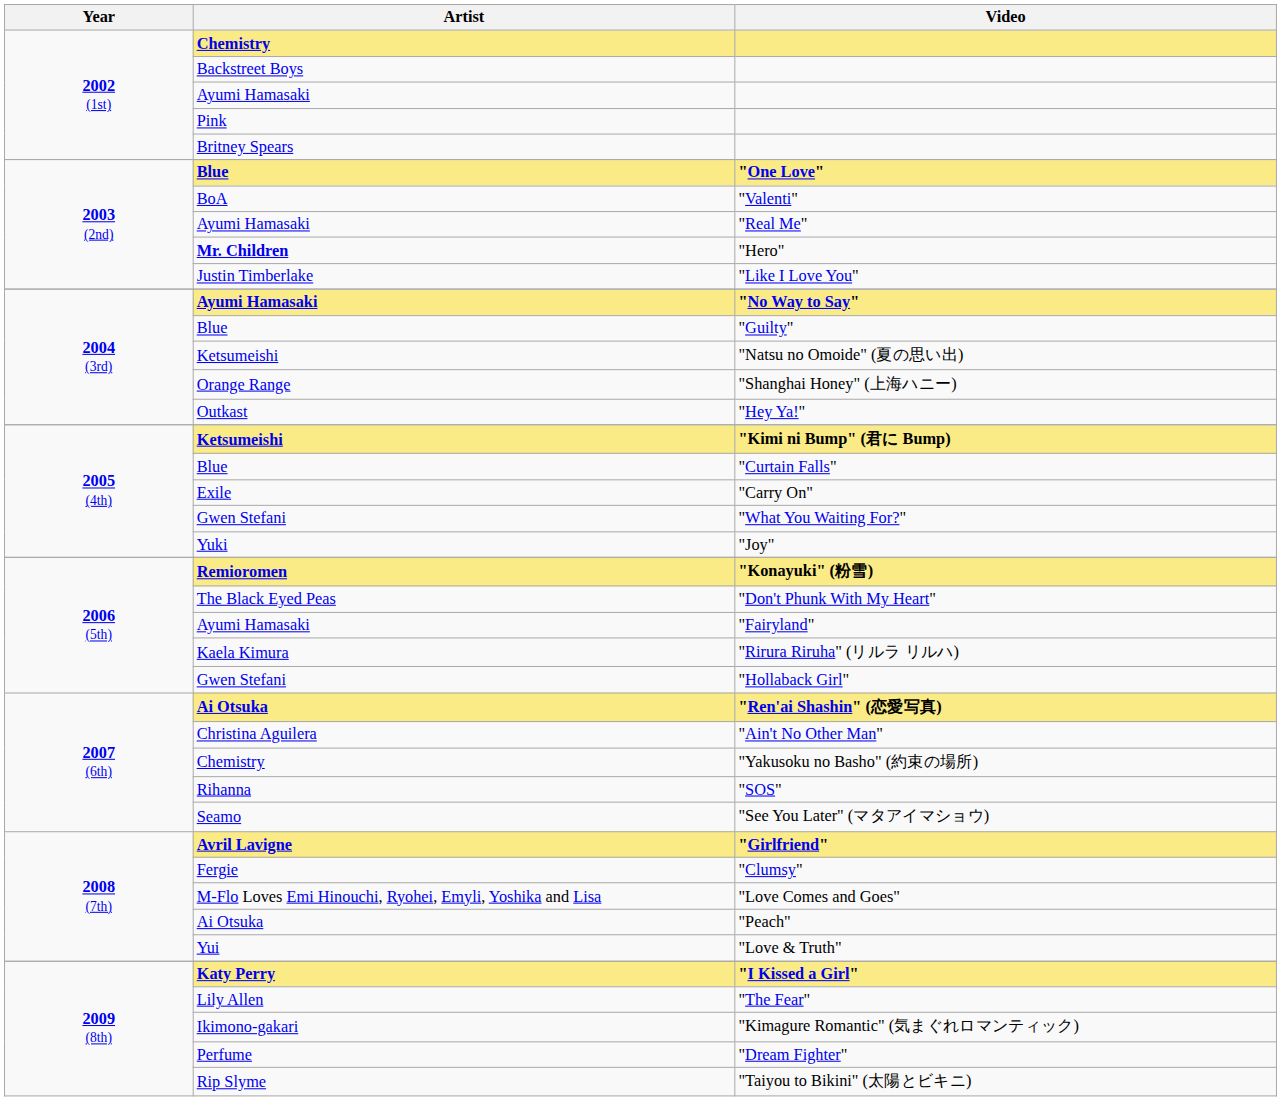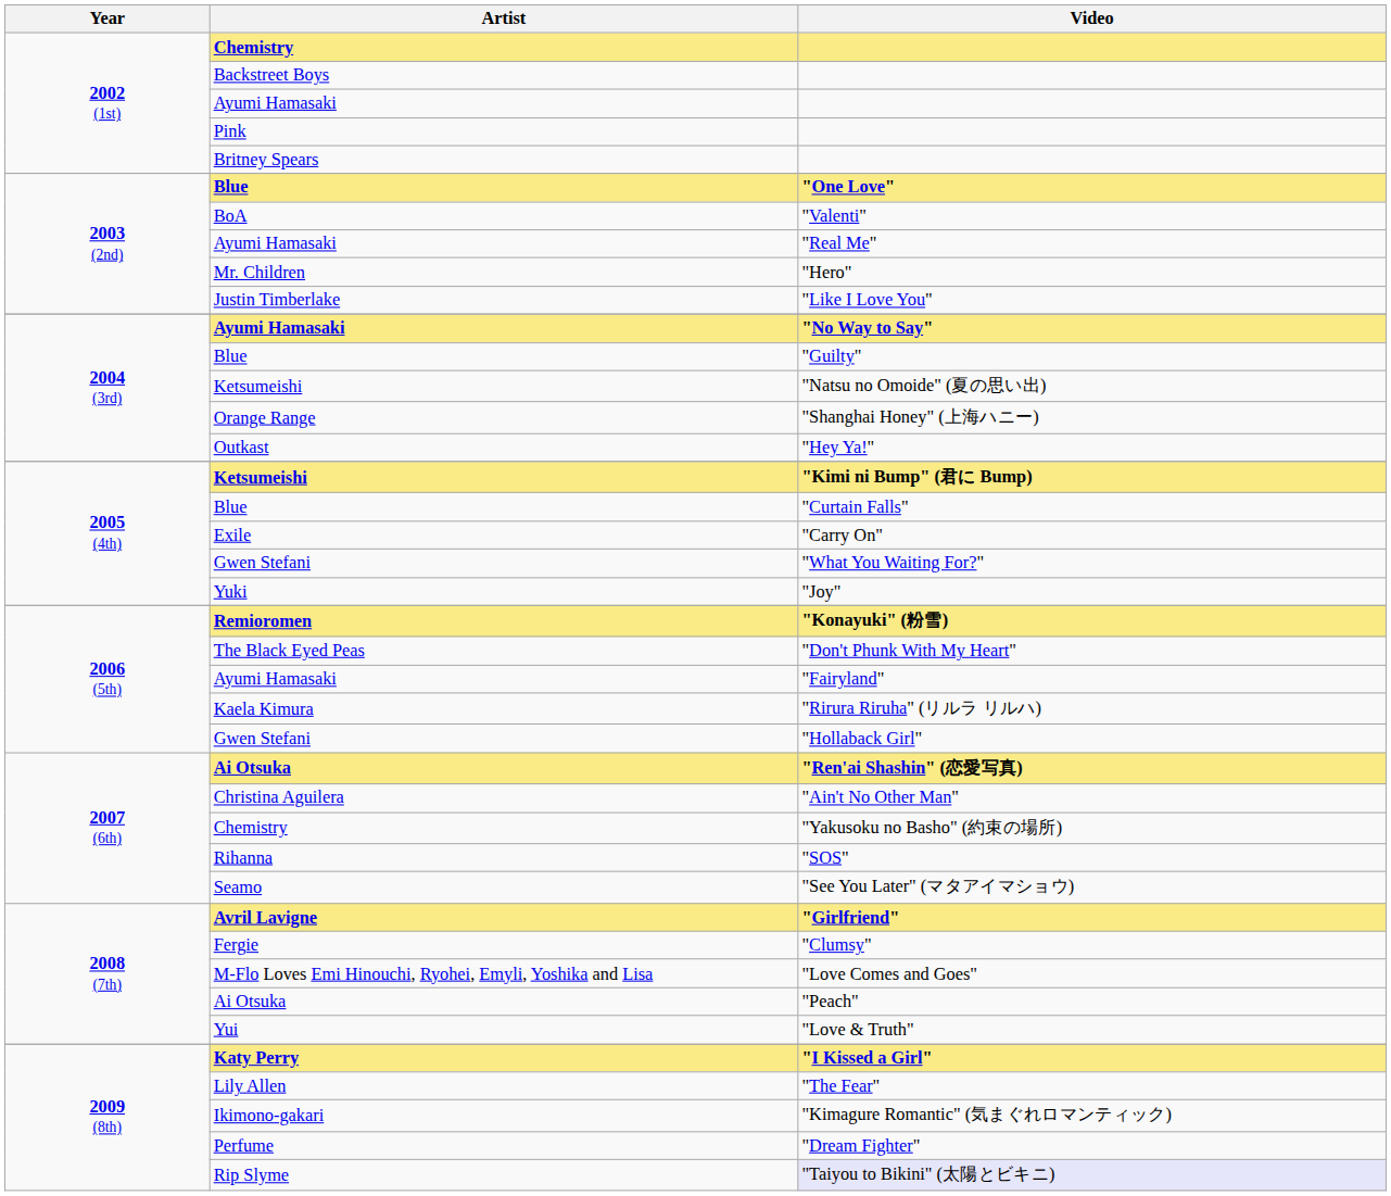 <table class="sortable wikitable">
 <tr>
 <th width="8%">Year</th>
 <th width="23%">Artist</th>
 <th width="23%">Video</th>
 </tr>
 <tr>
 <td rowspan=5 style="text-align:center"><strong><a href='#'>2002</a></strong><br><small><a href='#'>(1st)</a></small></td>
 <td style="background:#FAEB86"><strong><a href='#'>Chemistry</a></strong></td>
 <td style="background:#FAEB86"></td>
 </tr>
 <tr>
 <td><a href='#'>Backstreet Boys</a></td>
 <td></td>
 </tr>
 <tr>
 <td><a href='#'>Ayumi Hamasaki</a></td>
 <td></td>
 </tr>
 <tr>
 <td><a href='#'>Pink</a></td>
 <td></td>
 </tr>
 <tr>
 <td><a href='#'>Britney Spears</a></td>
 <td></td>
 </tr>
 <tr>
 </tr>
 <tr>
 <td rowspan=5 style="text-align:center"><strong><a href='#'>2003</a></strong><br><small><a href='#'>(2nd)</a></small></td>
 <td style="background:#FAEB86"><strong><a href='#'>Blue</a></strong></td>
 <td style="background:#FAEB86"><strong>"<a href='#'>One Love</a>"</strong></td>
 </tr>
 <tr>
 <td><a href='#'>BoA</a></td>
 <td>"<a href='#'>Valenti</a>"</td>
 </tr>
 <tr>
 <td><a href='#'>Ayumi Hamasaki</a></td>
 <td>"<a href='#'>Real Me</a>"</td>
 </tr>
 <tr>
-<td><strong><a href='#'>Mr. Children</a></strong></td>
+<td><a href='#'>Mr. Children</a></td>
 <td>"Hero"</td>
 </tr>
 <tr>
 <td><a href='#'>Justin Timberlake</a></td>
 <td>"<a href='#'>Like I Love You</a>"</td>
 </tr>
 <tr>
 </tr>
 <tr>
 <td rowspan=5 style="text-align:center"><strong><a href='#'>2004</a></strong><br><small><a href='#'>(3rd)</a></small></td>
 <td style="background:#FAEB86"><strong><a href='#'>Ayumi Hamasaki</a></strong></td>
 <td style="background:#FAEB86"><strong>"<a href='#'>No Way to Say</a>"</strong></td>
 </tr>
 <tr>
 <td><a href='#'>Blue</a></td>
 <td>"<a href='#'>Guilty</a>"</td>
 </tr>
 <tr>
 <td><a href='#'>Ketsumeishi</a></td>
 <td>"Natsu no Omoide" (夏の思い出)</td>
 </tr>
 <tr>
 <td><a href='#'>Orange Range</a></td>
 <td>"Shanghai Honey" (上海ハニー)</td>
 </tr>
 <tr>
 <td><a href='#'>Outkast</a></td>
 <td>"<a href='#'>Hey Ya!</a>"</td>
 </tr>
 <tr>
 </tr>
 <tr>
 <td rowspan=5 style="text-align:center"><strong><a href='#'>2005</a></strong><br><small><a href='#'>(4th)</a></small></td>
 <td style="background:#FAEB86"><strong><a href='#'>Ketsumeishi</a></strong></td>
 <td style="background:#FAEB86"><strong>"Kimi ni Bump" (君に Bump)</strong></td>
 </tr>
 <tr>
 <td><a href='#'>Blue</a></td>
 <td>"<a href='#'>Curtain Falls</a>"</td>
 </tr>
 <tr>
 <td><a href='#'>Exile</a></td>
 <td>"Carry On"</td>
 </tr>
 <tr>
 <td><a href='#'>Gwen Stefani</a></td>
 <td>"<a href='#'>What You Waiting For?</a>"</td>
 </tr>
 <tr>
 <td><a href='#'>Yuki</a></td>
 <td>"Joy"</td>
 </tr>
 <tr>
 </tr>
 <tr>
 <td rowspan=5 style="text-align:center"><strong><a href='#'>2006</a></strong><br><small><a href='#'>(5th)</a></small></td>
 <td style="background:#FAEB86"><strong><a href='#'>Remioromen</a></strong></td>
 <td style="background:#FAEB86"><strong>"Konayuki" (粉雪)</strong></td>
 </tr>
 <tr>
 <td><a href='#'>The Black Eyed Peas</a></td>
 <td>"<a href='#'>Don't Phunk With My Heart</a>"</td>
 </tr>
 <tr>
 <td><a href='#'>Ayumi Hamasaki</a></td>
 <td>"<a href='#'>Fairyland</a>"</td>
 </tr>
 <tr>
 <td><a href='#'>Kaela Kimura</a></td>
 <td>"<a href='#'>Rirura Riruha</a>" (リルラ リルハ)</td>
 </tr>
 <tr>
 <td><a href='#'>Gwen Stefani</a></td>
 <td>"<a href='#'>Hollaback Girl</a>"</td>
 </tr>
 <tr>
 <td rowspan=5 style="text-align:center"><strong><a href='#'>2007</a></strong><br><small><a href='#'>(6th)</a></small></td>
 <td style="background:#FAEB86"><strong><a href='#'>Ai Otsuka</a></strong></td>
 <td style="background:#FAEB86"><strong>"<a href='#'>Ren'ai Shashin</a>" (恋愛写真)</strong></td>
 </tr>
 <tr>
 <td><a href='#'>Christina Aguilera</a></td>
 <td>"<a href='#'>Ain't No Other Man</a>"</td>
 </tr>
 <tr>
 <td><a href='#'>Chemistry</a></td>
 <td>"Yakusoku no Basho" (約束の場所)</td>
 </tr>
 <tr>
 <td><a href='#'>Rihanna</a></td>
 <td>"<a href='#'>SOS</a>"</td>
 </tr>
 <tr>
 <td><a href='#'>Seamo</a></td>
 <td>"See You Later" (マタアイマショウ)</td>
 </tr>
 <tr>
 <td rowspan=5 style="text-align:center"><strong><a href='#'>2008</a></strong><br><small><a href='#'>(7th)</a></small></td>
 <td style="background:#FAEB86"><strong><a href='#'>Avril Lavigne</a></strong></td>
 <td style="background:#FAEB86"><strong>"<a href='#'>Girlfriend</a>"</strong></td>
 </tr>
 <tr>
 <td><a href='#'>Fergie</a></td>
 <td>"<a href='#'>Clumsy</a>"</td>
 </tr>
 <tr>
 <td><a href='#'>M-Flo</a> Loves <a href='#'>Emi Hinouchi</a>, <a href='#'>Ryohei</a>, <a href='#'>Emyli</a>, <a href='#'>Yoshika</a> and <a href='#'>Lisa</a></td>
 <td>"Love Comes and Goes"</td>
 </tr>
 <tr>
 <td><a href='#'>Ai Otsuka</a></td>
 <td>"Peach"</td>
 </tr>
 <tr>
 <td><a href='#'>Yui</a></td>
 <td>"Love & Truth"</td>
 </tr>
 <tr>
 </tr>
 <tr>
 <td rowspan=5 style="text-align:center"><strong><a href='#'>2009</a></strong><br><small><a href='#'>(8th)</a></small></td>
 <td style="background:#FAEB86"><strong><a href='#'>Katy Perry</a></strong></td>
 <td style="background:#FAEB86"><strong>"<a href='#'>I Kissed a Girl</a>"</strong></td>
 </tr>
 <tr>
 <td><a href='#'>Lily Allen</a></td>
 <td>"<a href='#'>The Fear</a>"</td>
 </tr>
 <tr>
 <td><a href='#'>Ikimono-gakari</a></td>
 <td>"Kimagure Romantic" (気まぐれロマンティック)</td>
 </tr>
 <tr>
 <td><a href='#'>Perfume</a></td>
 <td>"<a href='#'>Dream Fighter</a>"</td>
 </tr>
 <tr>
 <td><a href='#'>Rip Slyme</a></td>
-<td>"Taiyou to Bikini" (太陽とビキニ)</td>
+<td style="background: lavender;">"Taiyou to Bikini" (太陽とビキニ)</td>
 </tr>
 </table>
